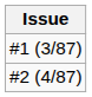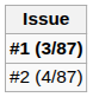 <table class="wikitable">
 <tr>
 <th>Issue</th>
 </tr>
 <tr>
-<td>#1 (3/87)</td>
+<td><strong>#1 (3/87)</strong></td>
 </tr>
 <tr>
 <td>#2 (4/87)</td>
 </tr>
 </table>
